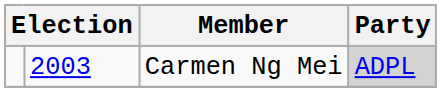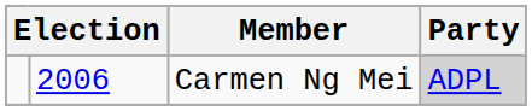 <table class="wikitable">
 <tr>
 <th colspan="2">Election</th>
 <th>Member</th>
 <th>Party</th>
 </tr>
 <tr>
 <td style="background-color: "></td>
-<td><a href='#'>2003</a></td>
+<td><a href='#'>2006</a></td>
 <td>Carmen Ng Mei</td>
 <td style="background: lightgrey;"><a href='#'>ADPL</a></td>
 </tr>
 <tr>
 </tr>
 </table>
